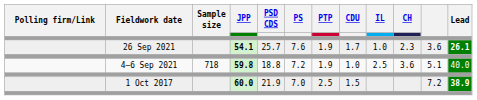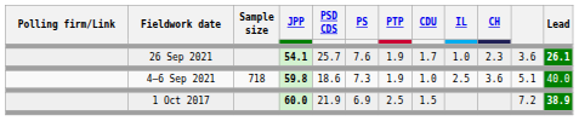 <table class="wikitable sortable mw-datatable" style="text-align:center;font-size:90%;line-height:16px;">
 <tr style="height:42px;">
 <th style="width:145px;" rowspan="2">Polling firm/Link</th>
 <th style="width:125px;" rowspan="2">Fieldwork date</th>
 <th class="unsortable" style="width:50px;" rowspan="2">Sample size</th>
 <th class="unsortable" style="width:35px;"><a href='#'>JPP</a></th>
 <th class="unsortable" style="width:35px;"><a href='#'>PSD</a><br><a href='#'>CDS</a></th>
 <th class="unsortable" style="width:35px;"><a href='#'>PS</a></th>
 <th class="unsortable" style="width:35px;"><a href='#'>PTP</a></th>
 <th class="unsortable" style="width:35px;"><a href='#'>CDU</a></th>
 <th class="unsortable" style="width:35px;"><a href='#'>IL</a></th>
 <th class="unsortable" style="width:35px;"><a href='#'>CH</a></th>
 <th class="unsortable" style="width:35px;" rowspan="2"></th>
 <th class="unsortable" style="width:30px;" rowspan="2">Lead</th>
 </tr>
 <tr>
 <th class="unsortable" style="color:inherit;background:green;"></th>
 <th class="unsortable" style="color:inherit;background:"></th>
 <th class="unsortable" style="color:inherit;background:"></th>
 <th class="unsortable" style="color:inherit;background:#CC0033;"></th>
 <th class="unsortable" style="color:inherit;background:"></th>
 <th class="sortable" style="background:#00ADEF;"></th>
 <th class="sortable" style="background:#202056;"></th>
 </tr>
 <tr>
 <td colspan="12" style="background:#A0A0A0"></td>
 </tr>
 <tr style="background:#EFEFEF;">
 <td><strong></strong></td>
 <td data-sort-value="2019-10-06">26 Sep 2021</td>
 <td></td>
 <td style="background:#D3F2D0;"><strong>54.1</strong><br></td>
 <td>25.7<br></td>
 <td>7.6<br></td>
 <td>1.9<br></td>
 <td>1.7<br></td>
 <td>1.0<br></td>
 <td>2.3<br></td>
 <td>3.6<br></td>
 <td style="background:green; color:white;"><strong>26.1</strong></td>
 </tr>
 <tr>
 <td colspan="12" style="background:#A0A0A0"></td>
 </tr>
 <tr>
 <td align="center"><br></td>
 <td align="center">4–6 Sep 2021</td>
 <td>718</td>
 <td align="center" style="background:#D3F2D0;"><strong>59.8</strong><br></td>
-<td align="center">18.8<br></td>
-<td align="center">7.2<br></td>
+<td align="center">18.6<br></td>
+<td align="center">7.3<br></td>
 <td align="center">1.9<br></td>
 <td align="center">1.0<br></td>
 <td align="center">2.5<br></td>
 <td align="center">3.6<br></td>
 <td align="center">5.1<br></td>
 <td style="background:green; color:white;">40.0</td>
 </tr>
 <tr>
 <td colspan="12" style="background:#A0A0A0"></td>
 </tr>
 <tr style="background:#EFEFEF;">
 <td><strong></strong></td>
 <td data-sort-value="2019-10-06">1 Oct 2017</td>
 <td></td>
 <td style="background:#D3F2D0;"><strong>60.0</strong><br></td>
 <td>21.9<br></td>
-<td>7.0<br></td>
+<td>6.9<br></td>
 <td>2.5<br></td>
 <td>1.5<br></td>
 <td></td>
 <td></td>
 <td>7.2<br></td>
 <td style="background:green; color:white;"><strong>38.9</strong></td>
 </tr>
 <tr>
 <td colspan="12" style="background:#A0A0A0"></td>
 </tr>
 </table>
